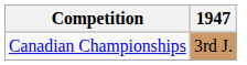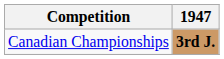 <table class="wikitable">
 <tr>
 <th>Competition</th>
 <th>1947</th>
 </tr>
 <tr>
 <td><a href='#'>Canadian Championships</a></td>
-<td align="center" bgcolor="#cc9966">3rd J.</td>
+<td align="center" bgcolor="#cc9966"><strong>3rd J.</strong></td>
 </tr>
 <tr>
 </tr>
 </table>
